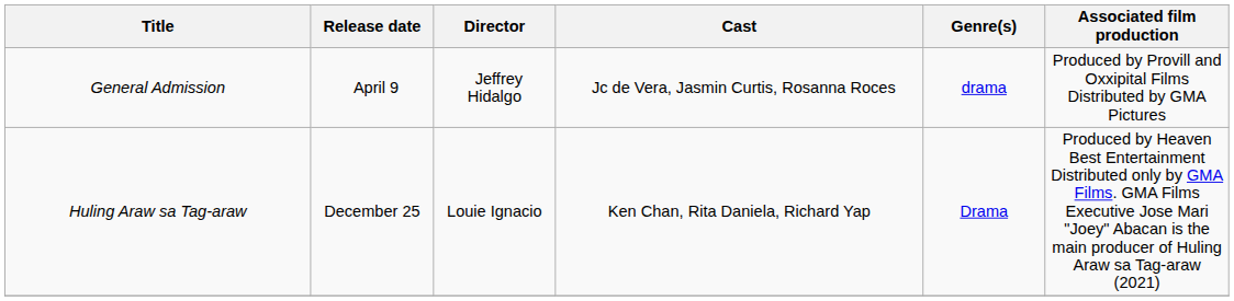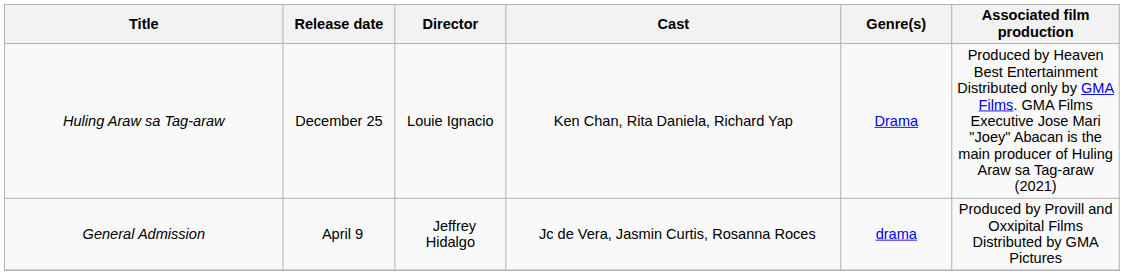 <table class="wikitable" "toccolours sortable" style="width:97%; text-align:center">
 <tr>
 <th style="width:25%;">Title</th>
 <th style="width:10%;">Release date</th>
 <th style="width:10%;">Director</th>
 <th style="width:30%;">Cast</th>
 <th style="width:10%;">Genre(s)</th>
 <th style="width:15%;">Associated film production</th>
 </tr>
 <tr>
+<td><em>Huling Araw sa Tag-araw</em></td>
+<td>December 25</td>
+<td>Louie Ignacio</td>
+<td>Ken Chan, Rita Daniela, Richard Yap</td>
+<td><a href='#'>Drama</a></td>
+<td>Produced by Heaven Best Entertainment<br>Distributed only by <a href='#'>GMA Films</a>. GMA Films Executive Jose Mari "Joey" Abacan is the main producer of Huling Araw sa Tag-araw (2021) </td>
+</tr>
+<tr>
 <td><em>General Admission</em></td>
 <td>  April 9</td>
 <td>  Jeffrey Hidalgo</td>
 <td>  Jc de Vera, Jasmin Curtis, Rosanna Roces</td>
 <td><a href='#'>drama</a></td>
 <td>Produced by Provill and Oxxipital Films<br>Distributed by GMA Pictures </td>
 </tr>
 <tr>
-<td><em>Huling Araw sa Tag-araw</em></td>
-<td>December 25</td>
-<td>Louie Ignacio</td>
-<td>Ken Chan, Rita Daniela, Richard Yap</td>
-<td><a href='#'>Drama</a></td>
-<td>Produced by Heaven Best Entertainment<br>Distributed only by <a href='#'>GMA Films</a>. GMA Films Executive Jose Mari "Joey" Abacan is the main producer of Huling Araw sa Tag-araw (2021) </td>
-</tr>
-<tr>
 </tr>
 </table>
